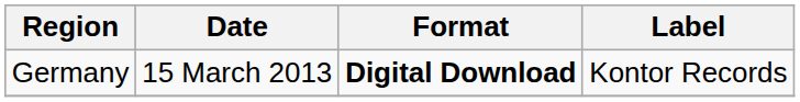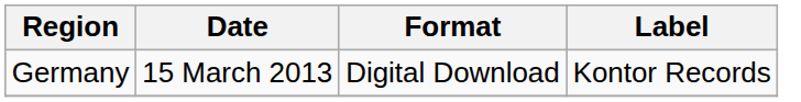 <table class=wikitable>
 <tr>
 <th>Region</th>
 <th>Date</th>
 <th>Format</th>
 <th>Label</th>
 </tr>
 <tr>
 <td>Germany</td>
 <td>15 March 2013</td>
-<td><strong>Digital Download</strong></td>
+<td>Digital Download</td>
 <td>Kontor Records</td>
 </tr>
 <tr>
 </tr>
 </table>
